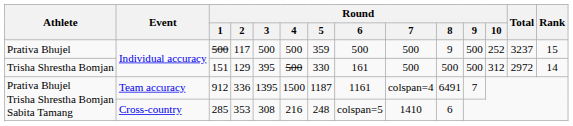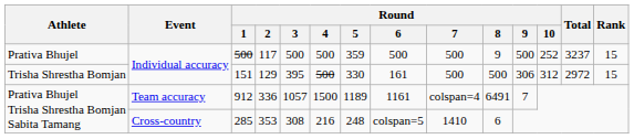 <table class=wikitable style=font-size:90%;text-align:center>
 <tr>
 <th rowspan="2">Athlete</th>
 <th rowspan="2">Event</th>
 <th colspan=10>Round</th>
 <th rowspan=2>Total</th>
 <th rowspan=2>Rank</th>
 </tr>
 <tr style="font-size:95%">
 <th>1</th>
 <th>2</th>
 <th>3</th>
 <th>4</th>
 <th>5</th>
 <th>6</th>
 <th>7</th>
 <th>8</th>
 <th>9</th>
 <th>10</th>
 </tr>
 <tr>
 <td align=left>Prativa Bhujel</td>
 <td align=left rowspan=2><a href='#'>Individual accuracy</a></td>
 <td><s>500</s></td>
 <td>117</td>
 <td>500</td>
 <td>500</td>
 <td>359</td>
 <td>500</td>
 <td>500</td>
 <td>9</td>
 <td>500</td>
 <td>252</td>
 <td>3237</td>
 <td>15</td>
 </tr>
 <tr>
 <td align=left>Trisha Shrestha Bomjan</td>
 <td>151</td>
 <td>129</td>
 <td>395</td>
 <td><s>500</s></td>
 <td>330</td>
 <td>161</td>
 <td>500</td>
 <td>500</td>
-<td>500</td>
+<td>306</td>
 <td>312</td>
 <td>2972</td>
-<td>14</td>
+<td>15</td>
 </tr>
 <tr>
 <td align=left rowspan=2>Prativa Bhujel<br>Trisha Shrestha Bomjan<br>Sabita Tamang</td>
 <td align=left><a href='#'>Team accuracy</a></td>
 <td>912</td>
 <td>336</td>
-<td>1395</td>
+<td>1057</td>
 <td>1500</td>
-<td>1187</td>
+<td>1189</td>
 <td>1161</td>
 <td>colspan=4 </td>
 <td>6491</td>
 <td>7</td>
 </tr>
 <tr>
 <td align=left><a href='#'>Cross-country</a></td>
 <td>285</td>
 <td>353</td>
 <td>308</td>
 <td>216</td>
 <td>248</td>
 <td>colspan=5 </td>
 <td>1410</td>
 <td>6</td>
 </tr>
 </table>
